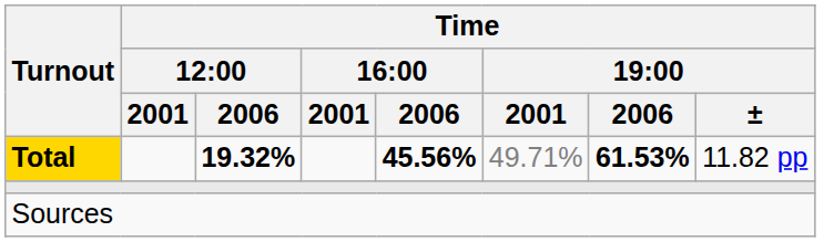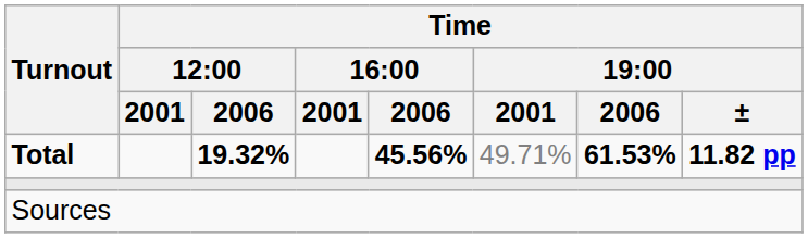 <table class="wikitable sortable" style="text-align:right;">
 <tr>
 <th rowspan="3">Turnout</th>
 <th colspan="9">Time</th>
 </tr>
 <tr>
 <th colspan="2">12:00</th>
 <th colspan="2">16:00</th>
 <th colspan="3">19:00</th>
 </tr>
 <tr>
 <th>2001</th>
 <th>2006</th>
 <th>2001</th>
 <th>2006</th>
 <th>2001</th>
 <th>2006</th>
 <th>±</th>
 </tr>
 <tr>
-<td align="left" style="background: gold;"><strong>Total</strong></td>
+<td align="left"><strong>Total</strong></td>
 <td></td>
 <td><strong>19.32%</strong></td>
 <td></td>
 <td><strong>45.56%</strong></td>
 <td style="color:gray;">49.71%</td>
 <td><strong>61.53%</strong></td>
-<td> 11.82 <a href='#'>pp</a></td>
+<td><strong> 11.82 <a href='#'>pp</a></strong></td>
 </tr>
 <tr>
 <td colspan="10" bgcolor="#E9E9E9"></td>
 </tr>
 <tr>
 <td align="left" colspan="10">Sources</td>
 </tr>
 </table>
